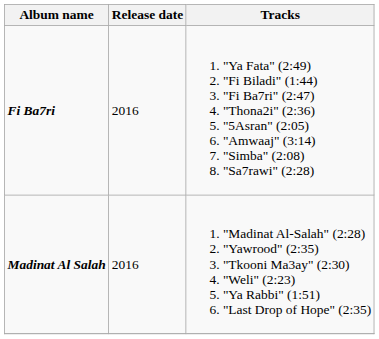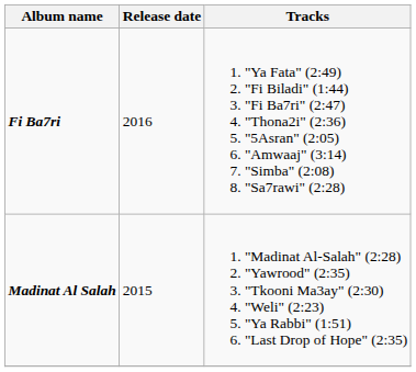 <table class="wikitable">
 <tr>
 <th rowspan="1">Album name</th>
 <th>Release date</th>
 <th rowspan="1">Tracks</th>
 </tr>
 <tr>
 <td><strong><em>Fi Ba7ri</em></strong></td>
 <td>2016</td>
 <td><br><ol><li>"Ya Fata" (2:49)</li><li>"Fi Biladi" (1:44)</li><li>"Fi Ba7ri" (2:47)</li><li>"Thona2i" (2:36)</li><li>"5Asran" (2:05)</li><li>"Amwaaj" (3:14)</li><li>"Simba" (2:08)</li><li>"Sa7rawi" (2:28)</li></ol></td>
 </tr>
 <tr>
 <td><strong><em>Madinat Al Salah</em></strong></td>
-<td>2016</td>
+<td>2015</td>
 <td><br><ol><li>"Madinat Al-Salah" (2:28)</li><li>"Yawrood" (2:35)</li><li>"Tkooni Ma3ay" (2:30)</li><li>"Weli" (2:23)</li><li>"Ya Rabbi" (1:51)</li><li>"Last Drop of Hope" (2:35)</li></ol></td>
 </tr>
 <tr>
 </tr>
 </table>
